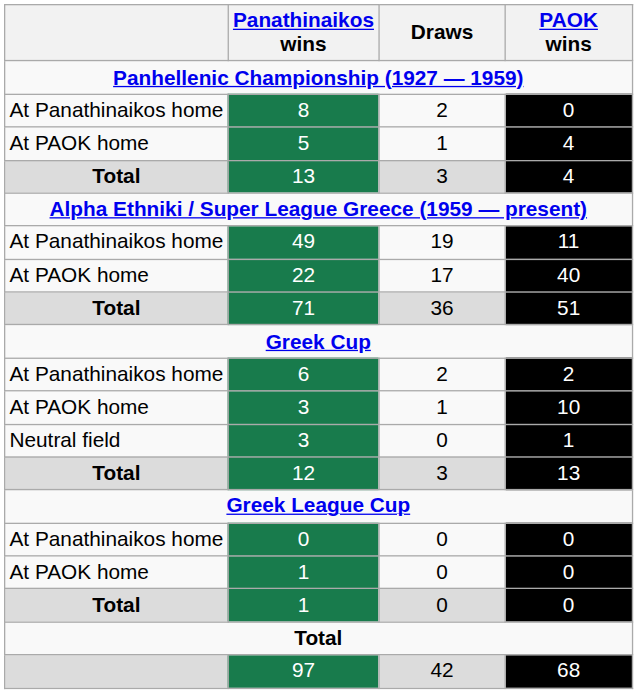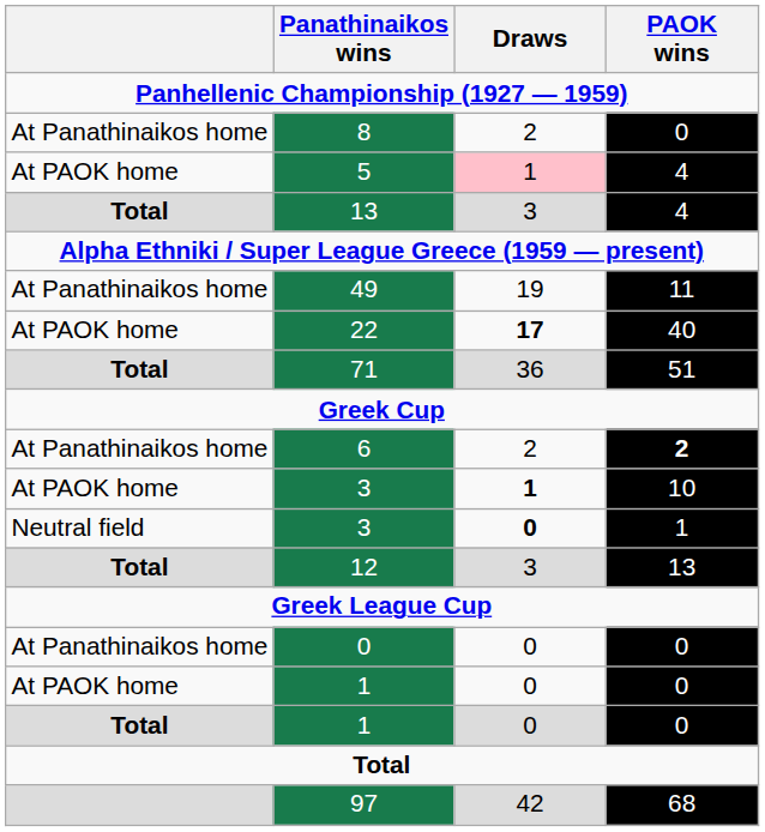 <table class="wikitable" style="text-align:center;font-size:100%">
 <tr>
 <th></th>
 <th width="90"><a href='#'>Panathinaikos</a><br>wins</th>
 <th width="90">Draws</th>
 <th width="90"><a href='#'>PAOK</a><br>wins</th>
 </tr>
 <tr>
 <td colspan=4><strong><a href='#'>Panhellenic Championship (1927 — 1959)</a></strong></td>
 </tr>
 <tr>
 <td align="left">At Panathinaikos home</td>
 <td style="color:#ffffff;background:#187B4C">8</td>
 <td>2</td>
 <td style="color:#ffffff;background:#000000">0</td>
 </tr>
 <tr>
 <td align="left">At PAOK  home</td>
 <td style="color:#ffffff;background:#187B4C">5</td>
-<td>1</td>
+<td style="background: pink;">1</td>
 <td style="color:#ffffff;background:#000000">4</td>
 </tr>
 <tr>
 <td align="center" bgcolor=#dcdcdc><strong>Total</strong></td>
 <td style="color:#ffffff;background:#187B4C">13</td>
 <td bgcolor=#dcdcdc>3</td>
 <td style="color:#ffffff;background:#000000">4</td>
 </tr>
 <tr>
 <td colspan=4><strong><a href='#'>Alpha Ethniki / Super League Greece (1959 — present)</a></strong></td>
 </tr>
 <tr>
 <td align="left">At Panathinaikos home</td>
 <td style="color:#ffffff;background:#187B4C">49</td>
 <td>19</td>
 <td style="color:#ffffff;background:#000000">11</td>
 </tr>
 <tr>
 <td align="left">At PAOK home</td>
 <td style="color:#ffffff;background:#187B4C">22</td>
-<td>17</td>
+<td><strong>17</strong></td>
 <td style="color:#ffffff;background:#000000">40</td>
 </tr>
 <tr>
 <td align="center" bgcolor=#dcdcdc><strong>Total</strong></td>
 <td style="color:#ffffff;background:#187B4C">71</td>
 <td bgcolor=#dcdcdc>36</td>
 <td style="color:#ffffff;background:#000000">51</td>
 </tr>
 <tr>
 <td colspan=4><strong><a href='#'>Greek Cup</a></strong></td>
 </tr>
 <tr>
 <td align="left">At Panathinaikos home</td>
 <td style="color:#ffffff;background:#187B4C">6</td>
 <td>2</td>
-<td style="color:#ffffff;background:#000000">2</td>
+<td style="color:#ffffff;background:#000000"><strong>2</strong></td>
 </tr>
 <tr>
 <td align="left">At PAOK home</td>
 <td style="color:#ffffff;background:#187B4C">3</td>
-<td>1</td>
+<td><strong>1</strong></td>
 <td style="color:#ffffff;background:#000000">10</td>
 </tr>
 <tr>
 <td align="left">Neutral field</td>
 <td style="color:#ffffff;background:#187B4C">3</td>
-<td>0</td>
+<td><strong>0</strong></td>
 <td style="color:#ffffff;background:#000000">1</td>
 </tr>
 <tr>
 <td align="center" bgcolor=#dcdcdc><strong>Total</strong></td>
 <td style="color:#ffffff;background:#187B4C">12</td>
 <td bgcolor=#dcdcdc>3</td>
 <td style="color:#ffffff;background:#000000">13</td>
 </tr>
 <tr>
 <td colspan=4><strong><a href='#'>Greek League Cup</a></strong></td>
 </tr>
 <tr>
 <td align="left">At Panathinaikos home</td>
 <td style="color:#ffffff;background:#187B4C">0</td>
 <td>0</td>
 <td style="color:#ffffff;background:#000000">0</td>
 </tr>
 <tr>
 <td align="left">At PAOK home</td>
 <td style="color:#ffffff;background:#187B4C">1</td>
 <td>0</td>
 <td style="color:#ffffff;background:#000000">0</td>
 </tr>
 <tr>
 <td align="center" bgcolor=#dcdcdc><strong>Total</strong></td>
 <td style="color:#ffffff;background:#187B4C">1</td>
 <td bgcolor=#dcdcdc>0</td>
 <td style="color:#ffffff;background:#000000">0</td>
 </tr>
 <tr>
 <td colspan=4><strong>Total</strong></td>
 </tr>
 <tr>
 <td bgcolor=#dcdcdc></td>
 <td style="color:#ffffff;background:#187B4C">97</td>
 <td bgcolor=#dcdcdc>42</td>
 <td style="color:#ffffff;background:#000000">68</td>
 </tr>
 </table>
